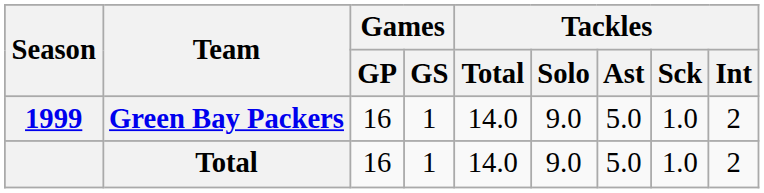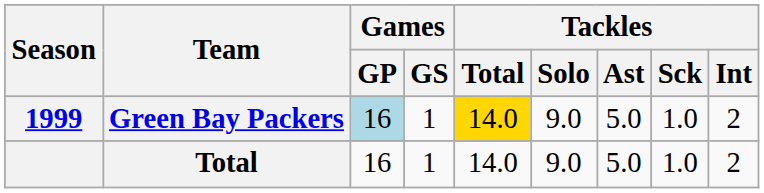 <table class=wikitable style="text-align:center;">
 <tr>
 <th rowspan=2>Season</th>
 <th rowspan=2>Team</th>
 <th colspan=2>Games</th>
 <th colspan=5>Tackles</th>
 </tr>
 <tr>
 <th>GP</th>
 <th>GS</th>
 <th>Total</th>
 <th>Solo</th>
 <th>Ast</th>
 <th>Sck</th>
 <th>Int</th>
 </tr>
 <tr>
 <th><a href='#'>1999</a></th>
 <th><a href='#'>Green Bay Packers</a></th>
-<td>16</td>
+<td style="background: lightblue;">16</td>
 <td>1</td>
-<td>14.0</td>
+<td style="background: gold;">14.0</td>
 <td>9.0</td>
 <td>5.0</td>
 <td>1.0</td>
 <td>2</td>
 </tr>
 <tr>
 <th></th>
 <th>Total</th>
 <td>16</td>
 <td>1</td>
 <td>14.0</td>
 <td>9.0</td>
 <td>5.0</td>
 <td>1.0</td>
 <td>2</td>
 </tr>
 </table>
